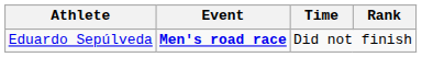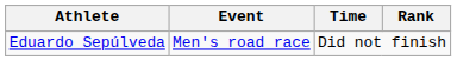 <table class=wikitable style=font-size:90%;text-align:center>
 <tr>
 <th>Athlete</th>
 <th>Event</th>
 <th>Time</th>
 <th>Rank</th>
 </tr>
 <tr>
 <td align=left><a href='#'>Eduardo Sepúlveda</a></td>
-<td align=left><strong><a href='#'>Men's road race</a></strong></td>
+<td align=left><a href='#'>Men's road race</a></td>
 <td colspan=2>Did not finish</td>
 </tr>
 </table>
